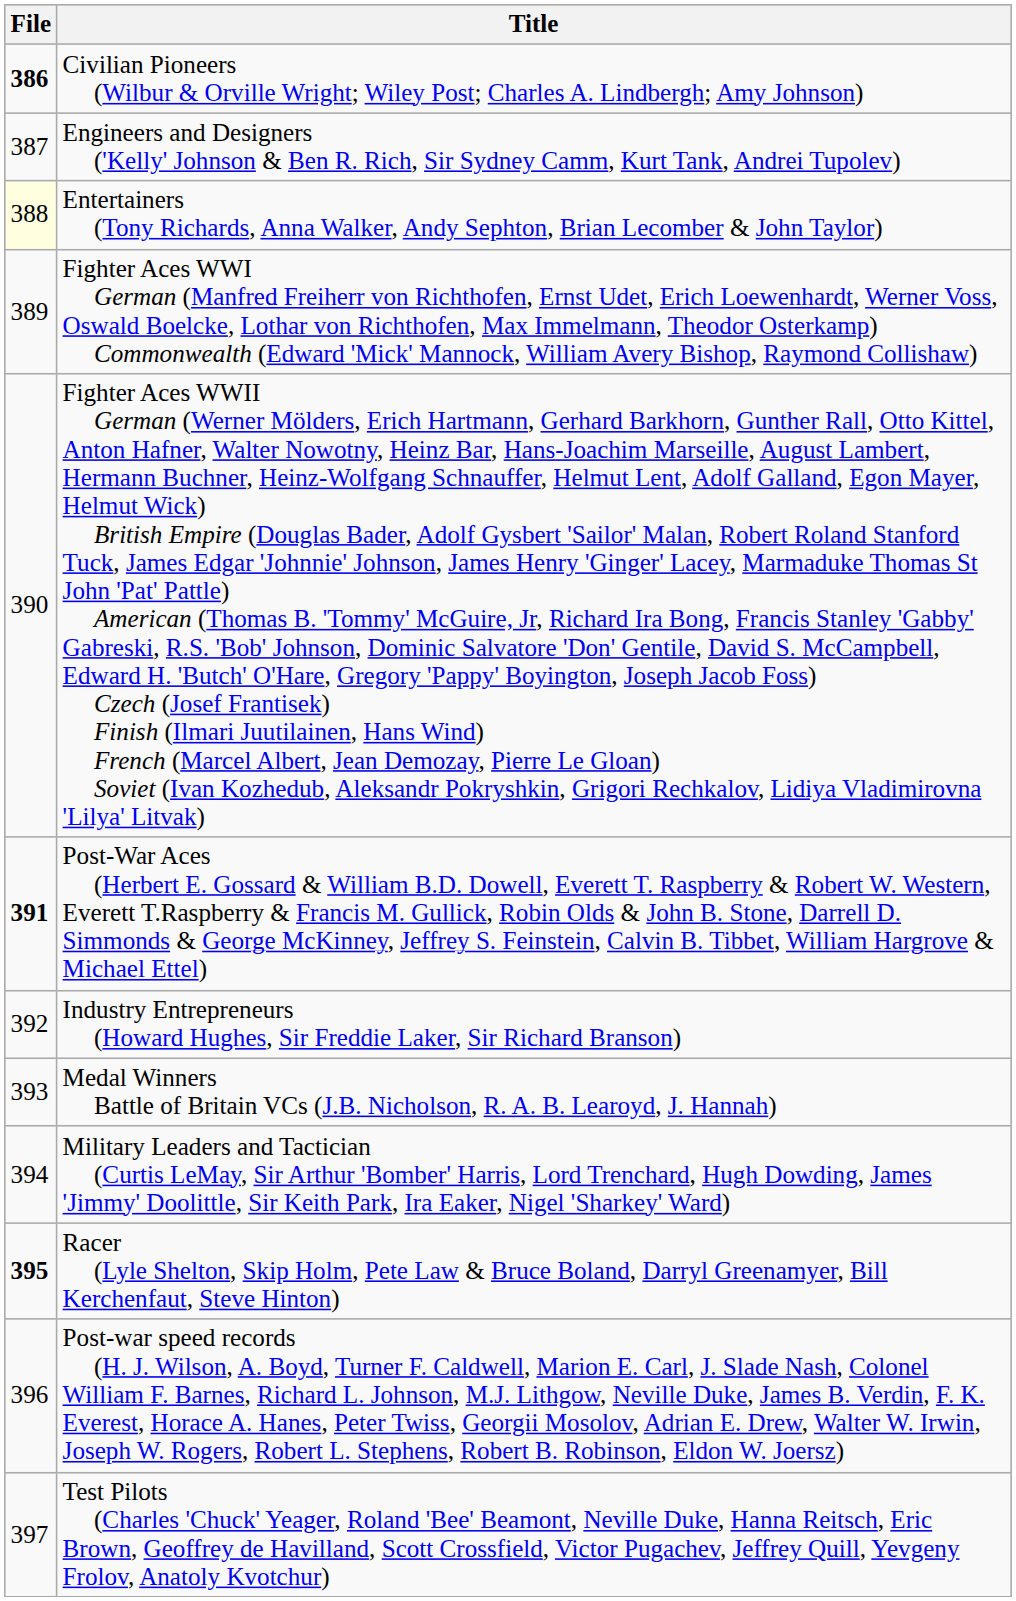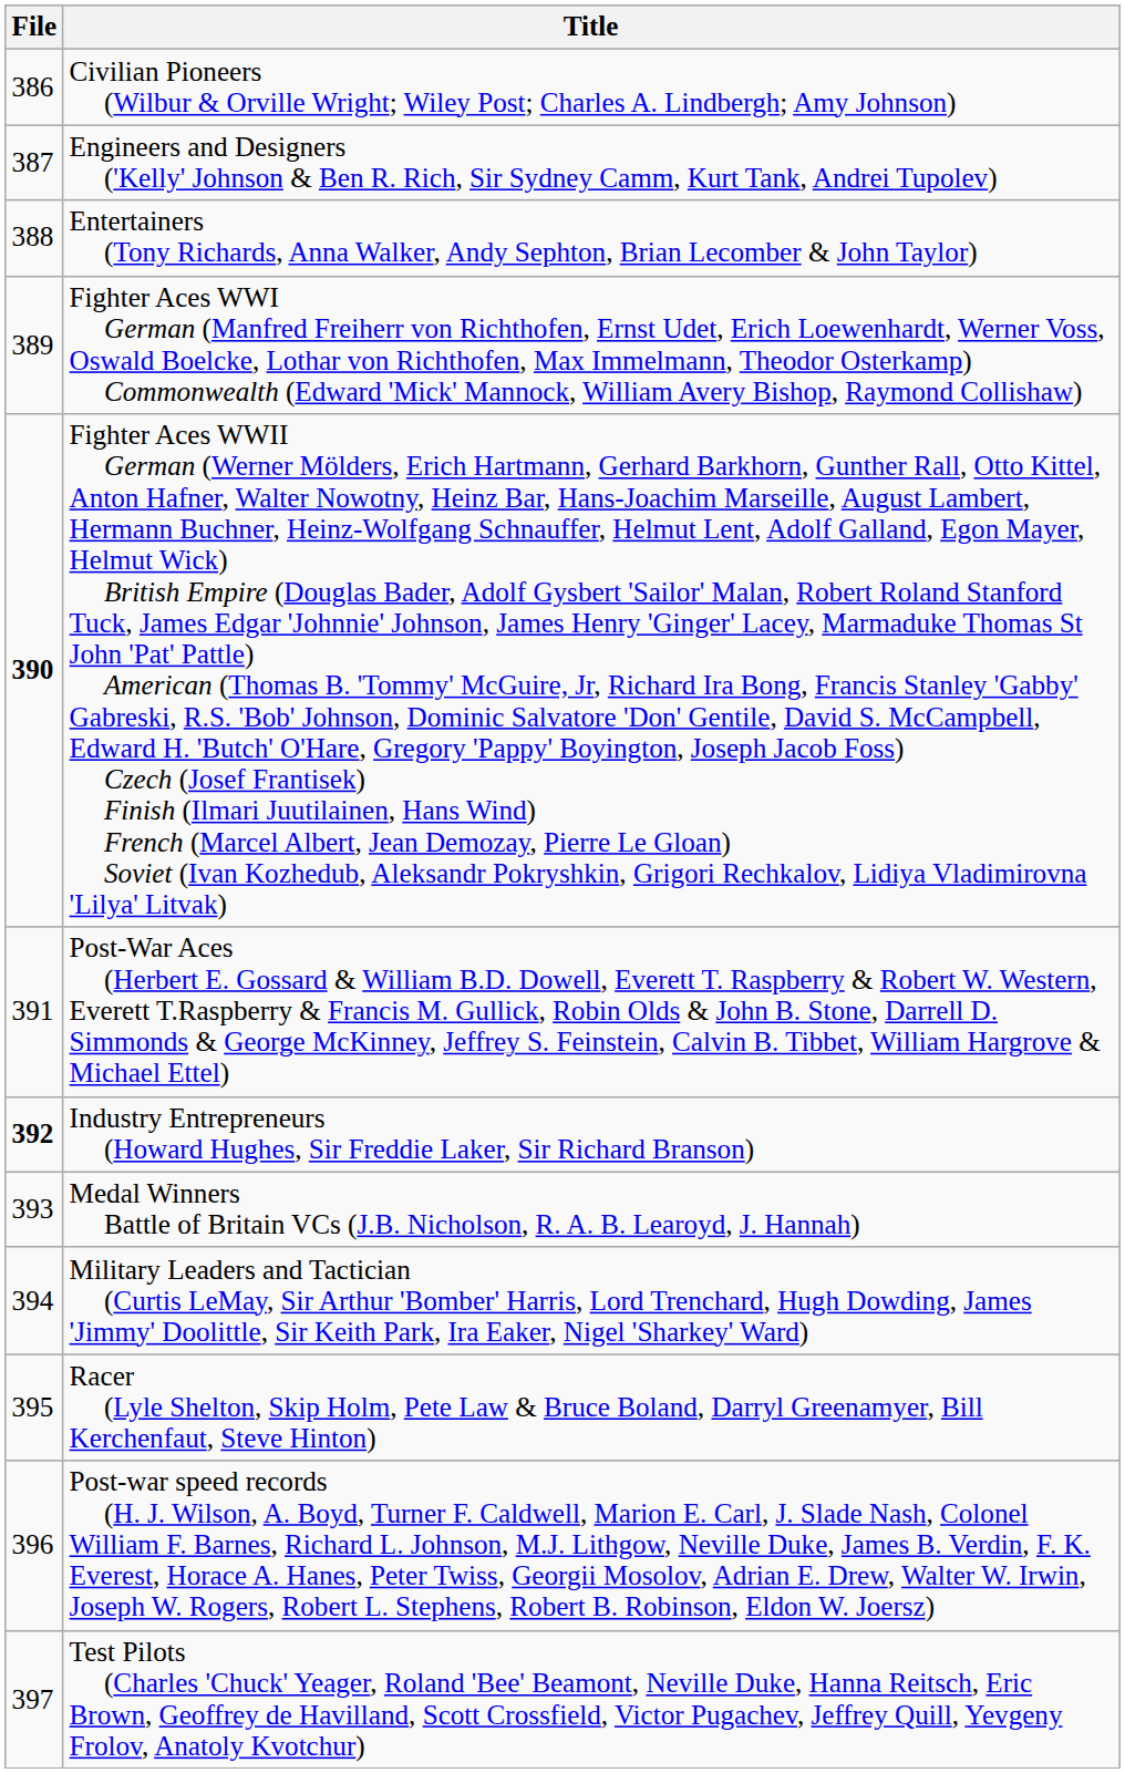 <table class="wikitable collapsible collapsed" border="1">
 <tr>
 <th>File</th>
 <th width=600>Title</th>
 </tr>
 <tr>
-<td><strong>386</strong></td>
+<td>386</td>
 <td>Civilian Pioneers<br>     (<a href='#'>Wilbur & Orville Wright</a>; <a href='#'>Wiley Post</a>; <a href='#'>Charles A. Lindbergh</a>; <a href='#'>Amy Johnson</a>)</td>
 </tr>
 <tr>
 <td>387</td>
 <td>Engineers and Designers<br>      (<a href='#'>'Kelly' Johnson</a> & <a href='#'>Ben R. Rich</a>, <a href='#'>Sir Sydney Camm</a>, <a href='#'>Kurt Tank</a>, <a href='#'>Andrei Tupolev</a>)</td>
 </tr>
 <tr>
-<td style="background: lightyellow;">388</td>
+<td>388</td>
 <td>Entertainers<br>      (<a href='#'>Tony Richards</a>, <a href='#'>Anna Walker</a>, <a href='#'>Andy Sephton</a>, <a href='#'>Brian Lecomber</a> & <a href='#'>John Taylor</a>)</td>
 </tr>
 <tr>
 <td>389</td>
 <td>Fighter Aces WWI<br>     <em>German</em> (<a href='#'>Manfred Freiherr von Richthofen</a>, <a href='#'>Ernst Udet</a>, <a href='#'>Erich Loewenhardt</a>, <a href='#'>Werner Voss</a>, <a href='#'>Oswald Boelcke</a>, <a href='#'>Lothar von Richthofen</a>, <a href='#'>Max Immelmann</a>, <a href='#'>Theodor Osterkamp</a>)<br>     <em>Commonwealth</em> (<a href='#'>Edward 'Mick' Mannock</a>, <a href='#'>William Avery Bishop</a>, <a href='#'>Raymond Collishaw</a>)</td>
 </tr>
 <tr>
-<td>390</td>
+<td><strong>390</strong></td>
 <td>Fighter Aces WWII<br>     <em>German</em> (<a href='#'>Werner Mölders</a>, <a href='#'>Erich Hartmann</a>, <a href='#'>Gerhard Barkhorn</a>, <a href='#'>Gunther Rall</a>, <a href='#'>Otto Kittel</a>, <a href='#'>Anton Hafner</a>, <a href='#'>Walter Nowotny</a>, <a href='#'>Heinz Bar</a>, <a href='#'>Hans-Joachim Marseille</a>, <a href='#'>August Lambert</a>, <a href='#'>Hermann Buchner</a>, <a href='#'>Heinz-Wolfgang Schnauffer</a>, <a href='#'>Helmut Lent</a>, <a href='#'>Adolf Galland</a>, <a href='#'>Egon Mayer</a>, <a href='#'>Helmut Wick</a>)<br>     <em>British Empire</em> (<a href='#'>Douglas Bader</a>, <a href='#'>Adolf Gysbert 'Sailor' Malan</a>, <a href='#'>Robert Roland Stanford Tuck</a>, <a href='#'>James Edgar 'Johnnie' Johnson</a>, <a href='#'>James Henry 'Ginger' Lacey</a>, <a href='#'>Marmaduke Thomas St John 'Pat' Pattle</a>)<br>     <em>American</em> (<a href='#'>Thomas B. 'Tommy' McGuire, Jr</a>, <a href='#'>Richard Ira Bong</a>, <a href='#'>Francis Stanley 'Gabby' Gabreski</a>, <a href='#'>R.S. 'Bob' Johnson</a>, <a href='#'>Dominic Salvatore 'Don' Gentile</a>, <a href='#'>David S. McCampbell</a>, <a href='#'>Edward H. 'Butch' O'Hare</a>, <a href='#'>Gregory 'Pappy' Boyington</a>, <a href='#'>Joseph Jacob Foss</a>)<br>     <em>Czech</em> (<a href='#'>Josef Frantisek</a>)<br>     <em>Finish</em> (<a href='#'>Ilmari Juutilainen</a>, <a href='#'>Hans Wind</a>)<br>     <em>French</em> (<a href='#'>Marcel Albert</a>, <a href='#'>Jean Demozay</a>, <a href='#'>Pierre Le Gloan</a>)<br>     <em>Soviet</em> (<a href='#'>Ivan Kozhedub</a>, <a href='#'>Aleksandr Pokryshkin</a>, <a href='#'>Grigori Rechkalov</a>, <a href='#'>Lidiya Vladimirovna 'Lilya' Litvak</a>)</td>
 </tr>
 <tr>
-<td><strong>391</strong></td>
+<td>391</td>
 <td>Post-War Aces<br>     (<a href='#'>Herbert E. Gossard</a> & <a href='#'>William B.D. Dowell</a>, <a href='#'>Everett T. Raspberry</a> & <a href='#'>Robert W. Western</a>, Everett T.Raspberry & <a href='#'>Francis M. Gullick</a>, <a href='#'>Robin Olds</a> & <a href='#'>John B. Stone</a>, <a href='#'>Darrell D. Simmonds</a> & <a href='#'>George McKinney</a>, <a href='#'>Jeffrey S. Feinstein</a>, <a href='#'>Calvin B. Tibbet</a>, <a href='#'>William Hargrove</a> & <a href='#'>Michael Ettel</a>)</td>
 </tr>
 <tr>
-<td>392</td>
+<td><strong>392</strong></td>
 <td>Industry Entrepreneurs<br>     (<a href='#'>Howard Hughes</a>, <a href='#'>Sir Freddie Laker</a>, <a href='#'>Sir Richard Branson</a>)</td>
 </tr>
 <tr>
 <td>393</td>
 <td>Medal Winners<br>     Battle of Britain VCs (<a href='#'>J.B. Nicholson</a>, <a href='#'>R. A. B. Learoyd</a>, <a href='#'>J. Hannah</a>)</td>
 </tr>
 <tr>
 <td>394</td>
 <td>Military Leaders and Tactician<br>     (<a href='#'>Curtis LeMay</a>, <a href='#'>Sir Arthur 'Bomber' Harris</a>, <a href='#'>Lord Trenchard</a>, <a href='#'>Hugh Dowding</a>, <a href='#'>James 'Jimmy' Doolittle</a>, <a href='#'>Sir Keith Park</a>, <a href='#'>Ira Eaker</a>, <a href='#'>Nigel 'Sharkey' Ward</a>)</td>
 </tr>
 <tr>
-<td><strong>395</strong></td>
+<td>395</td>
 <td>Racer<br>     (<a href='#'>Lyle Shelton</a>, <a href='#'>Skip Holm</a>, <a href='#'>Pete Law</a> & <a href='#'>Bruce Boland</a>, <a href='#'>Darryl Greenamyer</a>, <a href='#'>Bill Kerchenfaut</a>, <a href='#'>Steve Hinton</a>)</td>
 </tr>
 <tr>
 <td>396</td>
 <td>Post-war speed records<br>     (<a href='#'>H. J. Wilson</a>, <a href='#'>A. Boyd</a>, <a href='#'>Turner F. Caldwell</a>, <a href='#'>Marion E. Carl</a>, <a href='#'>J. Slade Nash</a>, <a href='#'>Colonel William F. Barnes</a>, <a href='#'>Richard L. Johnson</a>, <a href='#'>M.J. Lithgow</a>, <a href='#'>Neville Duke</a>, <a href='#'>James B. Verdin</a>, <a href='#'>F. K. Everest</a>, <a href='#'>Horace A. Hanes</a>, <a href='#'>Peter Twiss</a>, <a href='#'>Georgii Mosolov</a>, <a href='#'>Adrian E. Drew</a>, <a href='#'>Walter W. Irwin</a>, <a href='#'>Joseph W. Rogers</a>, <a href='#'>Robert L. Stephens</a>, <a href='#'>Robert B. Robinson</a>, <a href='#'>Eldon W. Joersz</a>)</td>
 </tr>
 <tr>
 <td>397</td>
 <td>Test Pilots<br>     (<a href='#'>Charles 'Chuck' Yeager</a>, <a href='#'>Roland 'Bee' Beamont</a>, <a href='#'>Neville Duke</a>, <a href='#'>Hanna Reitsch</a>, <a href='#'>Eric Brown</a>, <a href='#'>Geoffrey de Havilland</a>, <a href='#'>Scott Crossfield</a>, <a href='#'>Victor Pugachev</a>, <a href='#'>Jeffrey Quill</a>, <a href='#'>Yevgeny Frolov</a>, <a href='#'>Anatoly Kvotchur</a>)</td>
 </tr>
 </table>
